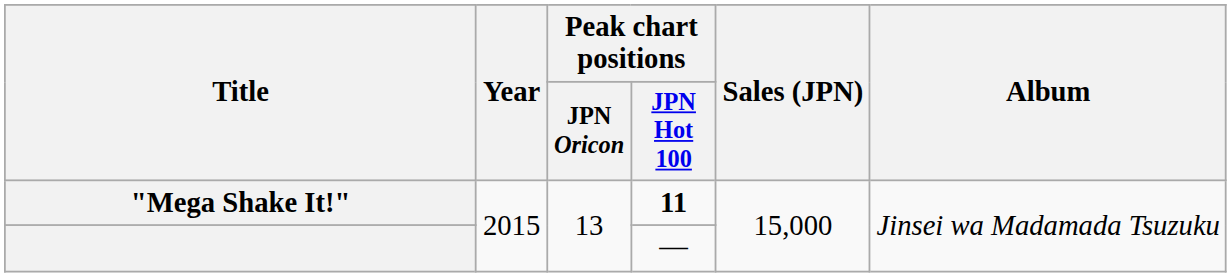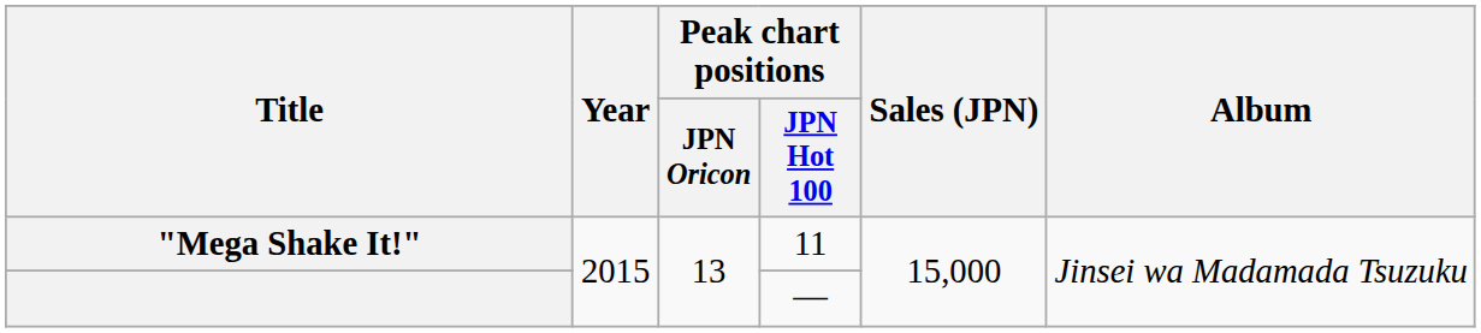 <table class="wikitable plainrowheaders" style="text-align:center;">
 <tr>
 <th scope="col" rowspan="2" style="width:16em;">Title</th>
 <th scope="col" rowspan="2">Year</th>
 <th scope="col" colspan="2">Peak chart positions</th>
 <th scope="col" rowspan="2">Sales (JPN)</th>
 <th scope="col" rowspan="2">Album</th>
 </tr>
 <tr>
 <th style="width:3em;font-size:85%">JPN <em>Oricon</em><br></th>
 <th style="width:3em;font-size:85%"><a href='#'>JPN Hot 100</a><br></th>
 </tr>
 <tr>
 <th scope="row">"Mega Shake It!"</th>
 <td rowspan="2">2015</td>
 <td rowspan="2">13</td>
-<td><strong>11</strong></td>
+<td>11</td>
 <td rowspan="2">15,000</td>
 <td rowspan="2"><em>Jinsei wa Madamada Tsuzuku</em></td>
 </tr>
 <tr>
 <th scope="row"></th>
 <td>—</td>
 </tr>
 </table>
